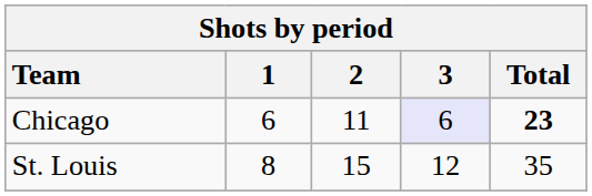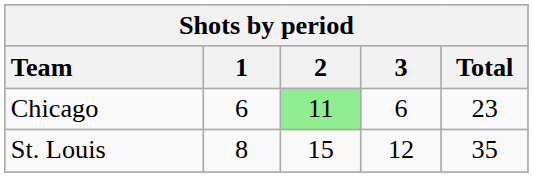 <table class="wikitable" style="width:20em; text-align:right;">
 <tr>
 <th colspan=6>Shots by period</th>
 </tr>
 <tr>
 <th style="width:8em; text-align:left;">Team</th>
 <th style="width:3em;">1</th>
 <th style="width:3em;">2</th>
 <th style="width:3em;">3</th>
 <th style="width:3em;">Total</th>
 </tr>
 <tr>
 <td style="text-align:left;">Chicago</td>
 <td align=center>6</td>
-<td align=center>11</td>
-<td align=center style="background: lavender;">6</td>
-<td align=center><strong>23</strong></td>
+<td align=center style="background: lightgreen;">11</td>
+<td align=center>6</td>
+<td align=center>23</td>
 </tr>
 <tr>
 <td style="text-align:left;">St. Louis</td>
 <td align=center>8</td>
 <td align=center>15</td>
 <td align=center>12</td>
 <td align=center>35</td>
 </tr>
 </table>
